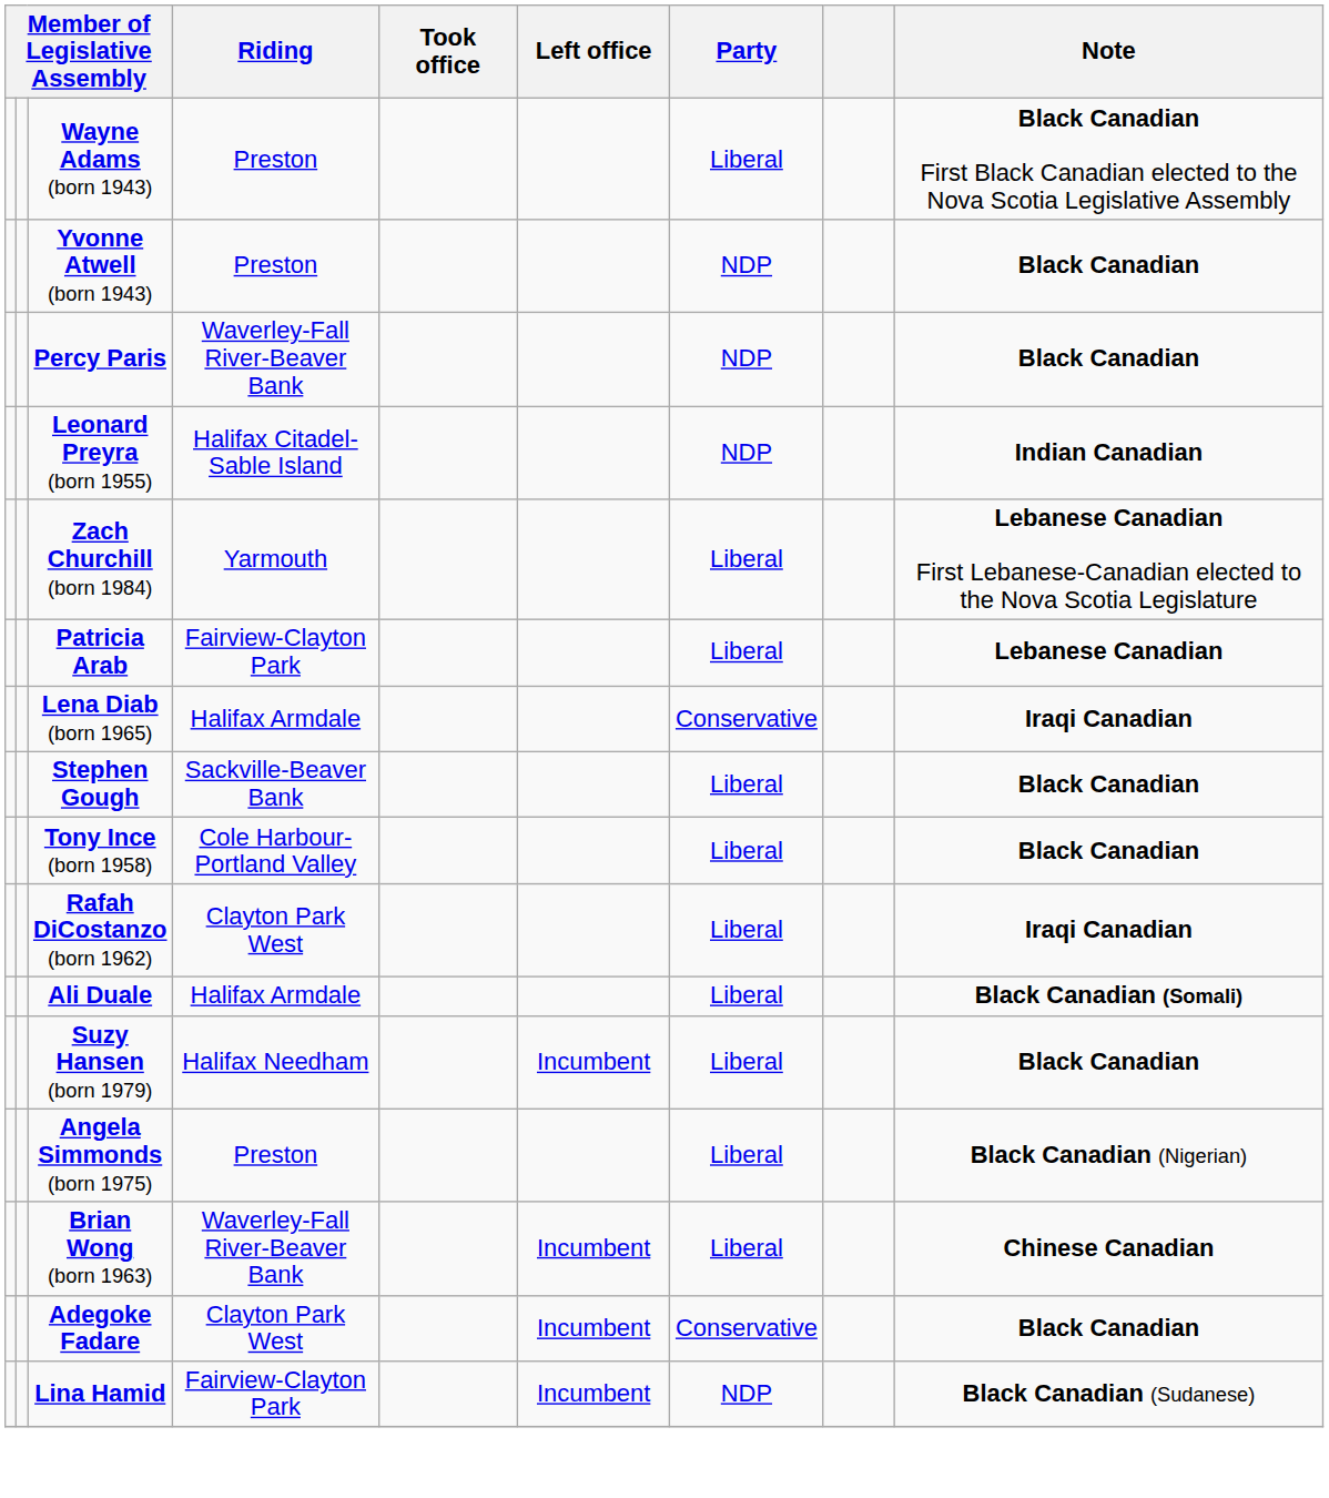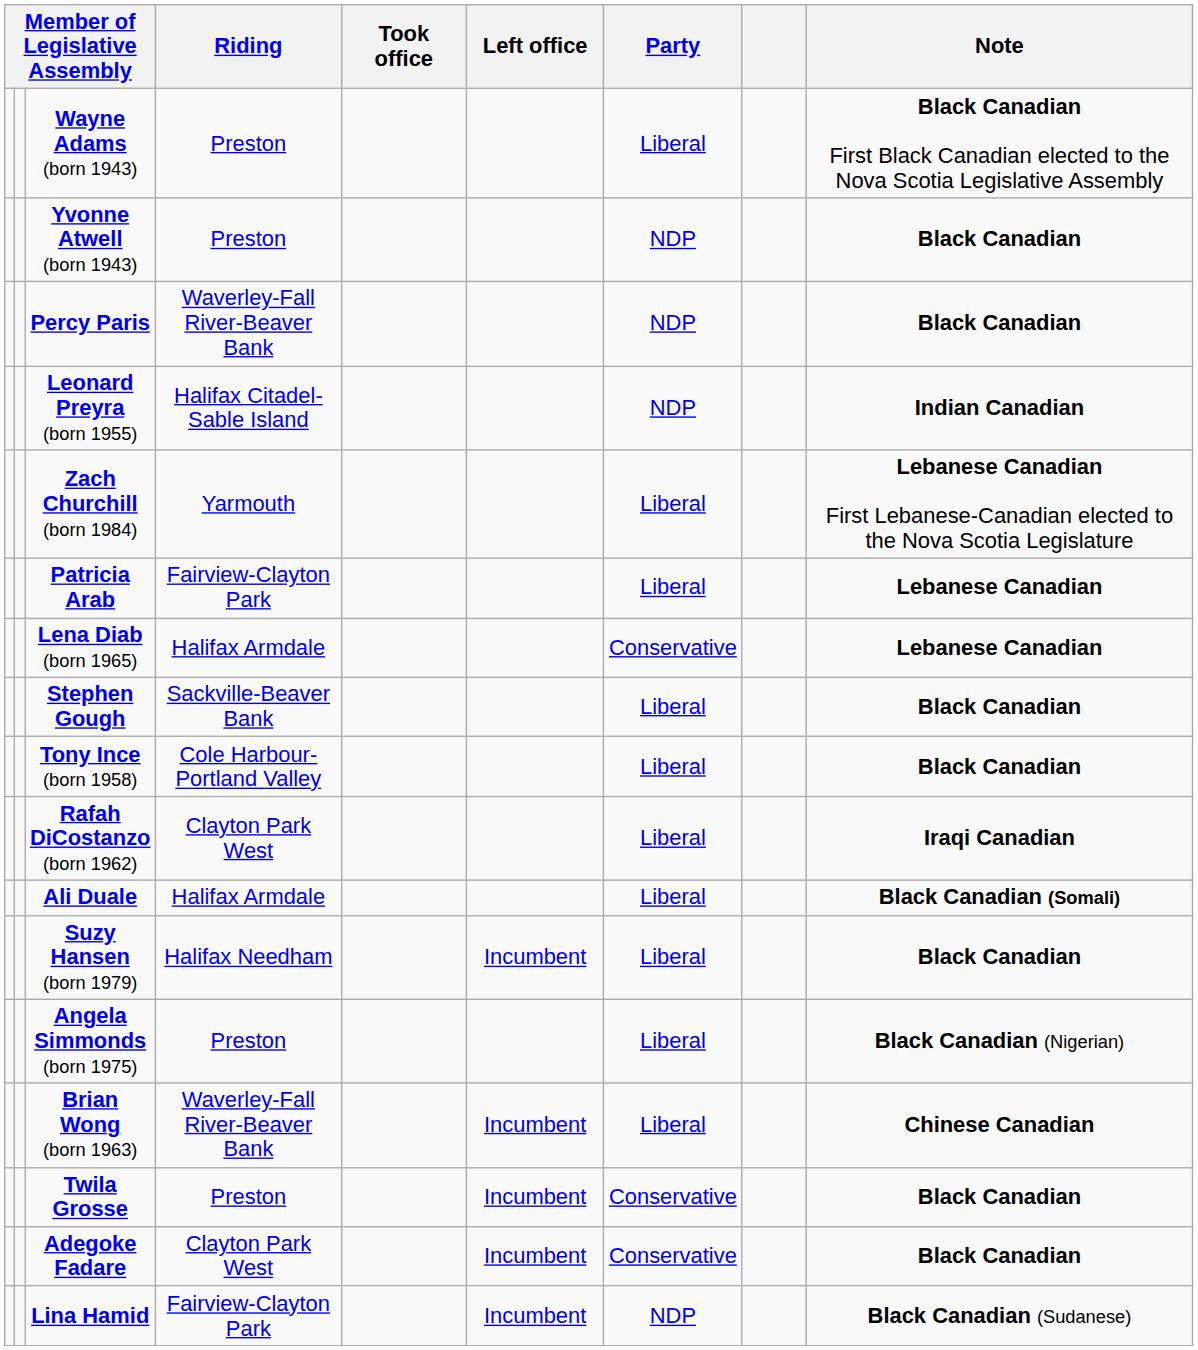 <table class="wikitable sortable plainrowheaders" style="text-align: center;">
 <tr>
 <th colspan="3" class=unsortable><a href='#'>Member of Legislative Assembly</a></th>
 <th scope="col" width=150px><a href='#'>Riding</a></th>
 <th scope="col" width=100px>Took office</th>
 <th scope="col" width=100px>Left office</th>
 <th scope="col" width=70px><a href='#'>Party</a></th>
 <th scope="col" class=unsortable width=55px></th>
 <th scope="col" class=unsortable width=350px>Note</th>
 </tr>
 <tr>
 <td rowspan="1" style="background:"></td>
 <td rowspan="1"></td>
 <td rowspan="1"><strong><a href='#'>Wayne Adams</a></strong><br><small>(born 1943)</small></td>
 <td rowspan="1"><a href='#'>Preston</a></td>
 <td rowspan="1"></td>
 <td rowspan="1"></td>
 <td rowspan="1"><a href='#'>Liberal</a></td>
 <td rowspan="1"></td>
 <td rowspan="1"><strong>Black Canadian</strong><br><br>First Black Canadian elected to the Nova Scotia Legislative Assembly</td>
 </tr>
 <tr>
 <td rowspan="1" style="background:"></td>
 <td rowspan="1"></td>
 <td rowspan="1"><strong><a href='#'>Yvonne Atwell</a></strong><br><small>(born 1943)</small></td>
 <td rowspan="1"><a href='#'>Preston</a></td>
 <td rowspan="1"></td>
 <td rowspan="1"></td>
 <td rowspan="1"><a href='#'>NDP</a></td>
 <td rowspan="1"></td>
 <td rowspan="1"><strong>Black Canadian</strong></td>
 </tr>
 <tr>
 <td rowspan="1" style="background:"></td>
 <td rowspan="1"></td>
 <td rowspan="1"><strong><a href='#'>Percy Paris</a></strong></td>
 <td rowspan="1"><a href='#'>Waverley-Fall River-Beaver Bank</a></td>
 <td rowspan="1"></td>
 <td rowspan="1"></td>
 <td rowspan="1"><a href='#'>NDP</a></td>
 <td rowspan="1"></td>
 <td rowspan="1"><strong>Black Canadian</strong></td>
 </tr>
 <tr>
 <td rowspan="1" style="background:"></td>
 <td rowspan="1"></td>
 <td rowspan="1"><strong><a href='#'>Leonard Preyra</a></strong><br><small>(born 1955)</small></td>
 <td rowspan="1"><a href='#'>Halifax Citadel-Sable Island</a></td>
 <td rowspan="1"></td>
 <td rowspan="1"></td>
 <td rowspan="1"><a href='#'>NDP</a></td>
 <td rowspan="1"></td>
 <td rowspan="1"><strong>Indian Canadian</strong></td>
 </tr>
 <tr>
 <td rowspan="1" style="background:"></td>
 <td rowspan="1"></td>
 <td rowspan="1"><strong><a href='#'>Zach Churchill</a></strong><br><small>(born 1984)</small></td>
 <td rowspan="1"><a href='#'>Yarmouth</a></td>
 <td rowspan="1"></td>
 <td rowspan="1"></td>
 <td rowspan="1"><a href='#'>Liberal</a></td>
 <td rowspan="1"></td>
 <td rowspan="1"><strong>Lebanese Canadian</strong><br><br>First Lebanese-Canadian elected to the Nova Scotia Legislature</td>
 </tr>
 <tr>
 <td rowspan="1" style="background:"></td>
 <td rowspan="1"></td>
 <td rowspan="1"><strong><a href='#'>Patricia Arab</a></strong></td>
 <td rowspan="1"><a href='#'>Fairview-Clayton Park</a></td>
 <td rowspan="1"></td>
 <td rowspan="1"></td>
 <td rowspan="1"><a href='#'>Liberal</a></td>
 <td rowspan="1"></td>
 <td rowspan="1"><strong>Lebanese Canadian</strong></td>
 </tr>
 <tr>
 <td rowspan="1" style="background:"></td>
 <td rowspan="1"></td>
 <td rowspan="1"><strong><a href='#'>Lena Diab</a></strong><br><small>(born 1965)</small></td>
 <td rowspan="1"><a href='#'>Halifax Armdale</a></td>
 <td rowspan="1"></td>
 <td rowspan="1"></td>
 <td rowspan="1"><a href='#'>Conservative</a></td>
 <td rowspan="1"></td>
-<td rowspan="1"><strong>Iraqi Canadian</strong></td>
+<td rowspan="1"><strong>Lebanese Canadian</strong></td>
 </tr>
 <tr>
 <td rowspan="1" style="background:"></td>
 <td rowspan="1"></td>
 <td rowspan="1"><strong><a href='#'>Stephen Gough</a></strong></td>
 <td rowspan="1"><a href='#'>Sackville-Beaver Bank</a></td>
 <td rowspan="1"></td>
 <td rowspan="1"></td>
 <td rowspan="1"><a href='#'>Liberal</a></td>
 <td rowspan="1"></td>
 <td rowspan="1"><strong>Black Canadian</strong></td>
 </tr>
 <tr>
 <td rowspan="1" style="background:"></td>
 <td rowspan="1"></td>
 <td rowspan="1"><strong><a href='#'>Tony Ince</a></strong><br><small>(born 1958)</small></td>
 <td rowspan="1"><a href='#'>Cole Harbour-Portland Valley</a></td>
 <td rowspan="1"></td>
 <td rowspan="1"></td>
 <td rowspan="1"><a href='#'>Liberal</a></td>
 <td rowspan="1"></td>
 <td rowspan="1"><strong>Black Canadian</strong></td>
 </tr>
 <tr>
 <td rowspan="1" style="background:"></td>
 <td rowspan="1"></td>
 <td rowspan="1"><strong><a href='#'>Rafah DiCostanzo</a></strong><br><small>(born 1962)</small></td>
 <td rowspan="1"><a href='#'>Clayton Park West</a></td>
 <td rowspan="1"></td>
 <td rowspan="1"></td>
 <td rowspan="1"><a href='#'>Liberal</a></td>
 <td rowspan="1"></td>
 <td rowspan="1"><strong>Iraqi Canadian</strong></td>
 </tr>
 <tr>
 <td rowspan="1" style="background:"></td>
 <td rowspan="1"></td>
 <td rowspan="1"><strong><a href='#'>Ali Duale</a></strong></td>
 <td rowspan="1"><a href='#'>Halifax Armdale</a></td>
 <td rowspan="1"></td>
 <td rowspan="1"></td>
 <td rowspan="1"><a href='#'>Liberal</a></td>
 <td rowspan="1"></td>
 <td rowspan="1"><strong>Black Canadian <small>(Somali)</small></strong></td>
 </tr>
 <tr>
 <td rowspan="1" style="background:"></td>
 <td rowspan="1"></td>
 <td rowspan="1"><strong><a href='#'>Suzy Hansen</a></strong><br><small>(born 1979)</small></td>
 <td rowspan="1"><a href='#'>Halifax Needham</a></td>
 <td rowspan="1"></td>
 <td rowspan="1"><a href='#'>Incumbent</a></td>
 <td rowspan="1"><a href='#'>Liberal</a></td>
 <td rowspan="1"></td>
 <td rowspan="1"><strong>Black Canadian</strong></td>
 </tr>
 <tr>
 <td rowspan="1" style="background:"></td>
 <td rowspan="1"></td>
 <td rowspan="1"><strong><a href='#'>Angela Simmonds</a></strong><br><small>(born 1975)</small></td>
 <td rowspan="1"><a href='#'>Preston</a></td>
 <td rowspan="1"></td>
 <td rowspan="1"></td>
 <td rowspan="1"><a href='#'>Liberal</a></td>
 <td rowspan="1"></td>
 <td rowspan="1"><strong>Black Canadian</strong> <small>(Nigerian)</small></td>
 </tr>
 <tr>
 <td rowspan="1" style="background:"></td>
 <td rowspan="1"></td>
 <td rowspan="1"><strong><a href='#'>Brian Wong</a></strong><br><small>(born 1963)</small></td>
 <td rowspan="1"><a href='#'>Waverley-Fall River-Beaver Bank</a></td>
 <td rowspan="1"></td>
 <td rowspan="1"><a href='#'>Incumbent</a></td>
 <td rowspan="1"><a href='#'>Liberal</a></td>
 <td rowspan="1"></td>
 <td rowspan="1"><strong>Chinese Canadian</strong></td>
 </tr>
 <tr>
 <td rowspan="1" style="background:"></td>
 <td rowspan="1"></td>
+<td rowspan="1"><strong><a href='#'>Twila Grosse</a></strong></td>
+<td rowspan="1"><a href='#'>Preston</a></td>
+<td rowspan="1"></td>
+<td rowspan="1"><a href='#'>Incumbent</a></td>
+<td rowspan="1"><a href='#'>Conservative</a></td>
+<td rowspan="1"></td>
+<td rowspan="1"><strong>Black Canadian</strong></td>
+</tr>
+<tr>
+<td rowspan="1" style="background:"></td>
+<td rowspan="1"></td>
 <td rowspan="1"><strong><a href='#'>Adegoke Fadare</a></strong></td>
 <td rowspan="1"><a href='#'>Clayton Park West</a></td>
 <td rowspan="1"></td>
 <td rowspan="1"><a href='#'>Incumbent</a></td>
 <td rowspan="1"><a href='#'>Conservative</a></td>
 <td rowspan="1"></td>
 <td rowspan="1"><strong>Black Canadian</strong></td>
 </tr>
 <tr>
 <td rowspan="1" style="background:"></td>
 <td rowspan="1"></td>
 <td rowspan="1"><strong><a href='#'>Lina Hamid</a></strong></td>
 <td rowspan="1"><a href='#'>Fairview-Clayton Park</a></td>
 <td rowspan="1"></td>
 <td rowspan="1"><a href='#'>Incumbent</a></td>
 <td rowspan="1"><a href='#'>NDP</a></td>
 <td rowspan="1"></td>
 <td rowspan="1"><strong>Black Canadian</strong> <small>(Sudanese)</small></td>
 </tr>
 <tr>
 </tr>
 </table>
